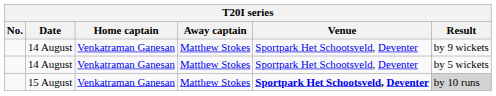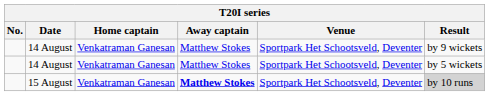 <table class="wikitable">
 <tr>
 <th colspan="9">T20I series</th>
 </tr>
 <tr>
 <th>No.</th>
 <th>Date</th>
 <th>Home captain</th>
 <th>Away captain</th>
 <th>Venue</th>
 <th>Result</th>
 </tr>
 <tr>
 <td></td>
 <td>14 August</td>
 <td><a href='#'>Venkatraman Ganesan</a></td>
 <td><a href='#'>Matthew Stokes</a></td>
 <td><a href='#'>Sportpark Het Schootsveld</a>, <a href='#'>Deventer</a></td>
 <td> by 9 wickets</td>
 </tr>
 <tr>
 <td></td>
 <td>14 August</td>
 <td><a href='#'>Venkatraman Ganesan</a></td>
 <td><a href='#'>Matthew Stokes</a></td>
 <td><a href='#'>Sportpark Het Schootsveld</a>, <a href='#'>Deventer</a></td>
 <td> by 5 wickets</td>
 </tr>
 <tr>
 <td></td>
 <td>15 August</td>
 <td><a href='#'>Venkatraman Ganesan</a></td>
-<td><a href='#'>Matthew Stokes</a></td>
-<td><strong><a href='#'>Sportpark Het Schootsveld</a>, <a href='#'>Deventer</a></strong></td>
+<td><strong><a href='#'>Matthew Stokes</a></strong></td>
+<td><a href='#'>Sportpark Het Schootsveld</a>, <a href='#'>Deventer</a></td>
 <td style="background: lightgrey;"> by 10 runs</td>
 </tr>
 </table>
